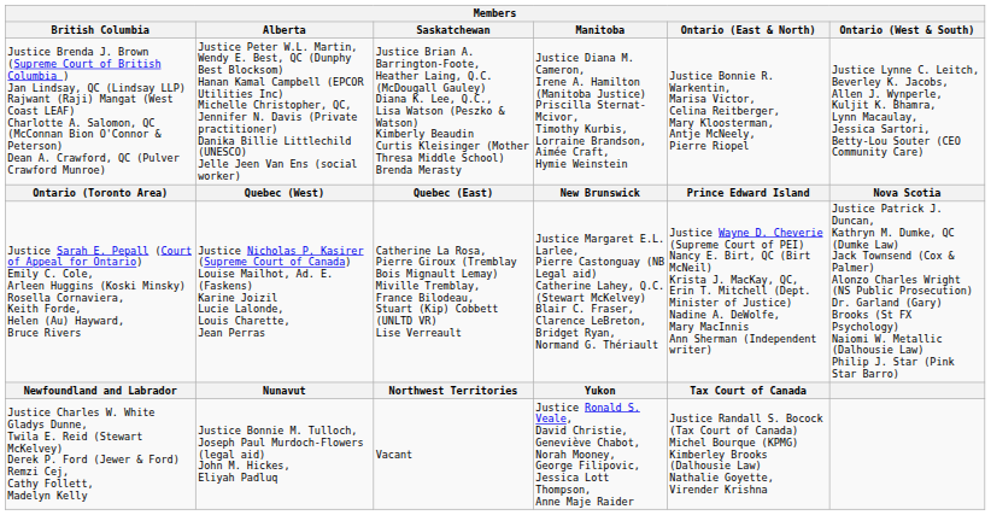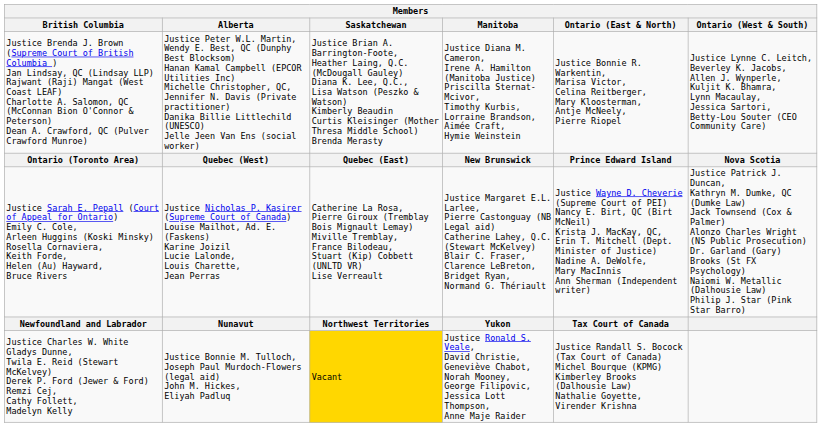 <table class="wikitable">
 <tr>
 <th colspan="6">Members    </th>
 </tr>
 <tr>
 <th>British Columbia</th>
 <th>Alberta</th>
 <th>Saskatchewan</th>
 <th>Manitoba</th>
 <th>Ontario (East & North)</th>
 <th>Ontario (West & South)</th>
 </tr>
 <tr>
 <td> Justice Brenda J. Brown (<a href='#'>Supreme Court of British Columbia </a>)<br> Jan Lindsay, QC (Lindsay LLP)<br>Rajwant (Raji) Mangat (West Coast LEAF)<br>Charlotte A. Salomon, QC (McConnan Bion O'Connor & Peterson)<br> Dean A. Crawford, QC (Pulver Crawford Munroe)</td>
 <td> Justice Peter W.L. Martin, <br>Wendy E. Best, QC (Dunphy Best Blocksom) <br>Hanan Kamal Campbell (EPCOR Utilities Inc) <br>Michelle Christopher, QC, <br>Jennifer N. Davis (Private practitioner)<br> Danika Billie Littlechild (UNESCO)<br>Jelle Jeen Van Ens (social worker)</td>
 <td>Justice Brian A. Barrington-Foote,<br> Heather Laing, Q.C. (McDougall Gauley)<br>Diana K. Lee, Q.C., <br>Lisa Watson (Peszko & Watson)<br> Kimberly Beaudin<br>Curtis Kleisinger (Mother Thresa Middle School)<br>Brenda Merasty</td>
 <td> Justice Diana M. Cameron, <br>Irene A. Hamilton (Manitoba Justice)<br> Priscilla Sternat-Mcivor,<br> Timothy Kurbis,<br> Lorraine Brandson,<br> Aimée Craft, <br>Hymie Weinstein</td>
 <td> Justice Bonnie R. Warkentin, <br>Marisa Victor,<br> Celina Reitberger,<br> Mary Kloosterman, <br>Antje McNeely,<br> Pierre Riopel</td>
 <td>Justice Lynne C. Leitch,<br> Beverley K. Jacobs, <br>Allen J. Wynperle, <br>Kuljit K. Bhamra,<br> Lynn Macaulay,<br> Jessica Sartori, <br>Betty-Lou Souter (CEO Community Care)</td>
 </tr>
 <tr>
 <th>Ontario (Toronto Area)</th>
 <th>Quebec (West)</th>
 <th>Quebec (East)</th>
 <th>New Brunswick</th>
 <th>Prince Edward Island</th>
 <th>Nova Scotia</th>
 </tr>
 <tr>
 <td>Justice <a href='#'>Sarah E. Pepall</a> (<a href='#'>Court of Appeal for Ontario</a>) <br>Emily C. Cole, <br>Arleen Huggins (Koski Minsky) <br>Rosella Cornaviera,<br> Keith Forde, <br>Helen (Au) Hayward, <br>Bruce Rivers</td>
 <td>Justice <a href='#'>Nicholas P. Kasirer</a> (<a href='#'>Supreme Court of Canada</a>) <br>Louise Mailhot, Ad. E. (Faskens)<br> Karine Joizil<br> Lucie Lalonde, <br>Louis Charette, <br>Jean Perras</td>
 <td> Catherine La Rosa, <br>Pierre Giroux (Tremblay Bois Mignault Lemay) <br>Miville Tremblay, <br>France Bilodeau, <br>Stuart (Kip) Cobbett (UNLTD VR)<br> Lise Verreault</td>
 <td> Justice Margaret E.L. Larlee, <br>Pierre Castonguay (NB Legal aid) <br>Catherine Lahey, Q.C.(Stewart McKelvey) <br>Blair C. Fraser, <br>Clarence LeBreton, <br>Bridget Ryan,<br> Normand G. Thériault</td>
 <td>Justice <a href='#'>Wayne D. Cheverie</a> (Supreme Court of PEI) <br>Nancy E. Birt, QC (Birt McNeil)<br>Krista J. MacKay, QC,<br> Erin T. Mitchell (Dept. Minister of Justice)<br> Nadine A. DeWolfe,<br> Mary MacInnis<br>Ann Sherman (Independent writer)</td>
 <td> Justice Patrick J. Duncan, <br>Kathryn M. Dumke, QC (Dumke Law)<br> Jack Townsend (Cox & Palmer)<br> Alonzo Charles Wright (NS Public Prosecution)<br> Dr. Garland (Gary) Brooks (St FX Psychology)<br> Naiomi W. Metallic (Dalhousie Law) <br>Philip J. Star (Pink Star Barro)</td>
 </tr>
 <tr>
 <th>Newfoundland and Labrador</th>
 <th>Nunavut</th>
 <th>Northwest Territories</th>
 <th>Yukon</th>
 <th>Tax Court of Canada</th>
 <th></th>
 </tr>
 <tr>
 <td> Justice Charles W. White <br>Gladys Dunne, <br>Twila E. Reid (Stewart McKelvey) <br>Derek P. Ford (Jewer & Ford) <br>Remzi Cej, <br>Cathy Follett, <br>Madelyn Kelly</td>
 <td>Justice Bonnie M. Tulloch,<br> Joseph Paul Murdoch-Flowers (legal aid) <br>John M. Hickes,<br> Eliyah Padluq</td>
-<td> Vacant</td>
+<td style="background: gold;"> Vacant</td>
 <td>Justice <a href='#'>Ronald S. Veale</a>, <br>David Christie, <br>Geneviève Chabot, <br>Norah Mooney, <br>George Filipovic, <br>Jessica Lott Thompson, <br>Anne Maje Raider</td>
 <td>Justice Randall S. Bocock (Tax Court of Canada)<br>Michel Bourque (KPMG) <br>Kimberley Brooks (Dalhousie Law) <br>Nathalie Goyette, <br>Virender Krishna</td>
 <td></td>
 </tr>
 </table>
